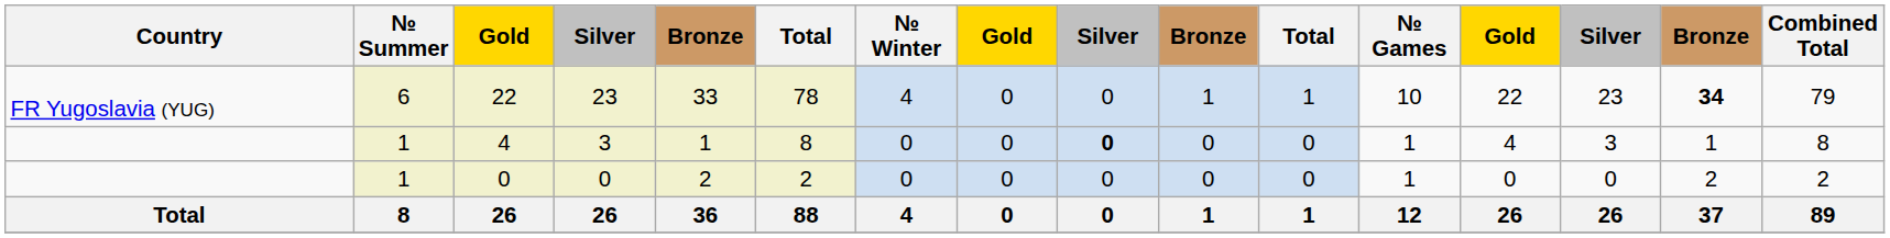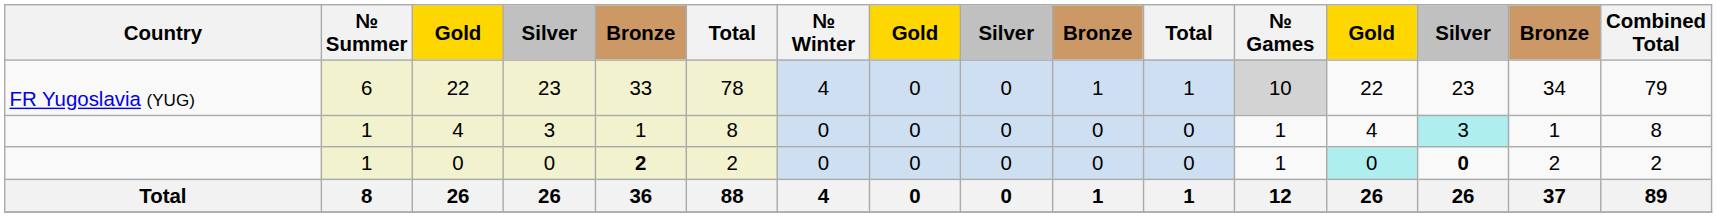 <table class="wikitable sortable" style="margin-top:0em; text-align:center; font-size:90%;">
 <tr>
 <th style="width:15em;">Country</th>
 <th style="width:4em;">№ Summer</th>
 <td style="background:gold; width:4em;"><strong>Gold</strong></td>
 <td style="background:silver; width:4em;"><strong>Silver</strong></td>
 <td style="background:#cc9966; width:4em;"><strong>Bronze</strong></td>
 <th style="width:4em;">Total</th>
 <th style="width:4em;">№ Winter</th>
 <td style="background:gold; width:4em;"><strong>Gold</strong></td>
 <td style="background:silver; width:4em;"><strong>Silver</strong></td>
 <td style="background:#cc9966; width:4em;"><strong>Bronze</strong></td>
 <th style="width:4em;">Total</th>
 <th style="width:4em;">№ Games</th>
 <td style="background:gold; width:4em;"><strong>Gold</strong></td>
 <td style="background:silver; width:4em;"><strong>Silver</strong></td>
 <td style="background:#cc9966; width:4em;"><strong>Bronze</strong></td>
 <th style="width:5em;">Combined Total</th>
 </tr>
 <tr>
 <td align=left><br> <a href='#'>FR Yugoslavia</a> <small>(YUG)</small></td>
 <td bgcolor=#f2f2ce>6</td>
 <td bgcolor=#f2f2ce>22</td>
 <td bgcolor=#f2f2ce>23</td>
 <td bgcolor=#f2f2ce>33</td>
 <td bgcolor=#f2f2ce>78</td>
 <td bgcolor=#cedff2>4</td>
 <td bgcolor=#cedff2>0</td>
 <td bgcolor=#cedff2>0</td>
 <td bgcolor=#cedff2>1</td>
 <td bgcolor=#cedff2>1</td>
-<td>10</td>
+<td style="background: lightgrey;">10</td>
 <td>22</td>
 <td>23</td>
-<td><strong>34</strong></td>
+<td>34</td>
 <td>79</td>
 </tr>
 <tr>
 <td align=left></td>
 <td bgcolor=#f2f2ce>1</td>
 <td bgcolor=#f2f2ce>4</td>
 <td bgcolor=#f2f2ce>3</td>
 <td bgcolor=#f2f2ce>1</td>
 <td bgcolor=#f2f2ce>8</td>
 <td bgcolor=#cedff2>0</td>
 <td bgcolor=#cedff2>0</td>
-<td bgcolor=#cedff2><strong>0</strong></td>
+<td bgcolor=#cedff2>0</td>
 <td bgcolor=#cedff2>0</td>
 <td bgcolor=#cedff2>0</td>
 <td>1</td>
 <td>4</td>
-<td>3</td>
+<td style="background: paleturquoise;">3</td>
 <td>1</td>
 <td>8</td>
 </tr>
 <tr>
 <td align=left></td>
 <td bgcolor=#f2f2ce>1</td>
 <td bgcolor=#f2f2ce>0</td>
 <td bgcolor=#f2f2ce>0</td>
-<td bgcolor=#f2f2ce>2</td>
+<td bgcolor=#f2f2ce><strong>2</strong></td>
 <td bgcolor=#f2f2ce>2</td>
 <td bgcolor=#cedff2>0</td>
 <td bgcolor=#cedff2>0</td>
 <td bgcolor=#cedff2>0</td>
 <td bgcolor=#cedff2>0</td>
 <td bgcolor=#cedff2>0</td>
 <td>1</td>
-<td>0</td>
-<td>0</td>
+<td style="background: paleturquoise;">0</td>
+<td><strong>0</strong></td>
 <td>2</td>
 <td>2</td>
 </tr>
 <tr>
 <th align=left>Total</th>
 <th bgcolor=#f2f2ce>8</th>
 <th bgcolor=#f2f2ce>26</th>
 <th bgcolor=#f2f2ce>26</th>
 <th bgcolor=#f2f2ce>36</th>
 <th bgcolor=#f2f2ce>88</th>
 <th bgcolor=#cedff2>4</th>
 <th bgcolor=#cedff2>0</th>
 <th bgcolor=#cedff2>0</th>
 <th bgcolor=#cedff2>1</th>
 <th bgcolor=#cedff2>1</th>
 <th>12</th>
 <th>26</th>
 <th>26</th>
 <th>37</th>
 <th>89</th>
 </tr>
 <tr>
 </tr>
 </table>
